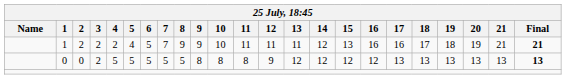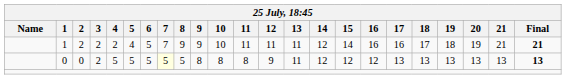 <table class=wikitable style="text-align:center; width: 55%">
 <tr>
 <th colspan=23><em>25 July, 18:45</em></th>
 </tr>
 <tr>
 <th>Name</th>
 <th>1</th>
 <th>2</th>
 <th>3</th>
 <th>4</th>
 <th>5</th>
 <th>6</th>
 <th>7</th>
 <th>8</th>
 <th>9</th>
 <th>10</th>
 <th>11</th>
 <th>12</th>
 <th>13</th>
 <th>14</th>
 <th>15</th>
 <th>16</th>
 <th>17</th>
 <th>18</th>
 <th>19</th>
 <th>20</th>
 <th>21</th>
 <th>Final</th>
 </tr>
 <tr>
 <td align=left><strong></strong></td>
 <td>1</td>
 <td>2</td>
 <td>2</td>
 <td>2</td>
 <td>4</td>
 <td>5</td>
 <td>7</td>
 <td>9</td>
 <td>9</td>
 <td>10</td>
 <td>11</td>
 <td>11</td>
 <td>11</td>
 <td>12</td>
-<td>13</td>
+<td>14</td>
 <td>16</td>
 <td>16</td>
 <td>17</td>
 <td>18</td>
 <td>19</td>
 <td>21</td>
 <td><strong>21</strong></td>
 </tr>
 <tr>
 <td align=left></td>
 <td>0</td>
 <td>0</td>
 <td>2</td>
 <td>5</td>
 <td>5</td>
 <td>5</td>
-<td>5</td>
+<td style="background: lightyellow;">5</td>
 <td>5</td>
 <td>8</td>
 <td>8</td>
 <td>8</td>
 <td>9</td>
-<td>12</td>
+<td>11</td>
 <td>12</td>
 <td>12</td>
 <td>12</td>
 <td>13</td>
 <td>13</td>
 <td>13</td>
 <td>13</td>
 <td>13</td>
 <td><strong>13</strong></td>
 </tr>
 <tr>
 <td colspan=23></td>
 </tr>
 </table>
